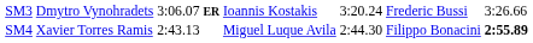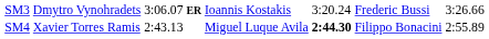 <table>
 <tr>
 <td><a href='#'>SM3</a></td>
 <td><a href='#'>Dmytro Vynohradets</a><br></td>
 <td>3:06.07 <small><strong>ER</strong></small></td>
 <td><a href='#'>Ioannis Kostakis</a><br></td>
 <td>3:20.24</td>
 <td><a href='#'>Frederic Bussi</a><br></td>
 <td>3:26.66</td>
 </tr>
 <tr>
 <td><a href='#'>SM4</a></td>
 <td><a href='#'>Xavier Torres Ramis</a><br></td>
 <td>2:43.13</td>
 <td><a href='#'>Miguel Luque Avila</a><br></td>
-<td>2:44.30</td>
+<td><strong>2:44.30</strong></td>
 <td><a href='#'>Filippo Bonacini</a><br></td>
-<td><strong>2:55.89</strong></td>
+<td>2:55.89</td>
 </tr>
 </table>
